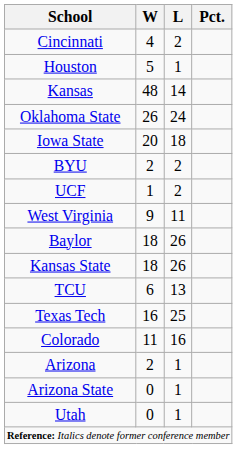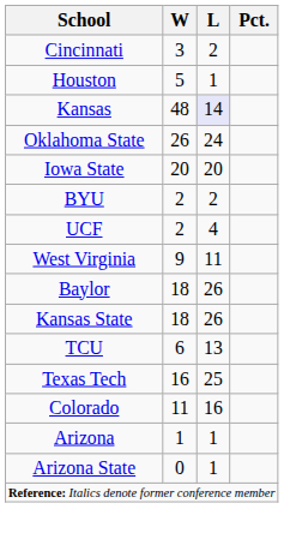 <table class="wikitable sortable" style="text-align:center">
 <tr>
 <th width=px>School</th>
 <th width=px>W</th>
 <th width=px>L</th>
 <th width=px>Pct.</th>
 </tr>
 <tr>
 <td><a href='#'>Cincinnati</a></td>
-<td>4</td>
+<td>3</td>
 <td>2</td>
 <td></td>
 </tr>
 <tr>
 <td><a href='#'>Houston</a></td>
 <td>5</td>
 <td>1</td>
 <td></td>
 </tr>
 <tr>
 <td><a href='#'>Kansas</a></td>
 <td>48</td>
-<td>14</td>
+<td style="background: lavender;">14</td>
 <td></td>
 </tr>
 <tr>
 <td><a href='#'>Oklahoma State</a></td>
 <td>26</td>
 <td>24</td>
 <td></td>
 </tr>
 <tr>
 <td><a href='#'>Iowa State</a></td>
 <td>20</td>
-<td>18</td>
+<td>20</td>
 <td></td>
 </tr>
 <tr>
 <td><a href='#'>BYU</a></td>
 <td>2</td>
 <td>2</td>
 <td></td>
 </tr>
 <tr>
 <td><a href='#'>UCF</a></td>
-<td>1</td>
 <td>2</td>
+<td>4</td>
 <td></td>
 </tr>
 <tr>
 <td><a href='#'>West Virginia</a></td>
 <td>9</td>
 <td>11</td>
 <td></td>
 </tr>
 <tr>
 <td><a href='#'>Baylor</a></td>
 <td>18</td>
 <td>26</td>
 <td></td>
 </tr>
 <tr>
 <td><a href='#'>Kansas State</a></td>
 <td>18</td>
 <td>26</td>
 <td></td>
 </tr>
 <tr>
 <td><a href='#'>TCU</a></td>
 <td>6</td>
 <td>13</td>
 <td></td>
 </tr>
 <tr>
 <td><a href='#'>Texas Tech</a></td>
 <td>16</td>
 <td>25</td>
 <td></td>
 </tr>
 <tr>
 <td><a href='#'>Colorado</a></td>
 <td>11</td>
 <td>16</td>
 <td></td>
 </tr>
 <tr>
 <td><a href='#'>Arizona</a></td>
-<td>2</td>
+<td>1</td>
 <td>1</td>
 <td></td>
 </tr>
 <tr>
 <td><a href='#'>Arizona State</a></td>
 <td>0</td>
 <td>1</td>
 <td></td>
 </tr>
 <tr>
-<td><a href='#'>Utah</a></td>
-<td>0</td>
-<td>1</td>
-<td></td>
-</tr>
-<tr>
 <td colspan="4"  style="font-size:8pt; text-align:center;"><strong>Reference:</strong> <em>Italics denote former conference member</em></td>
 </tr>
 </table>
